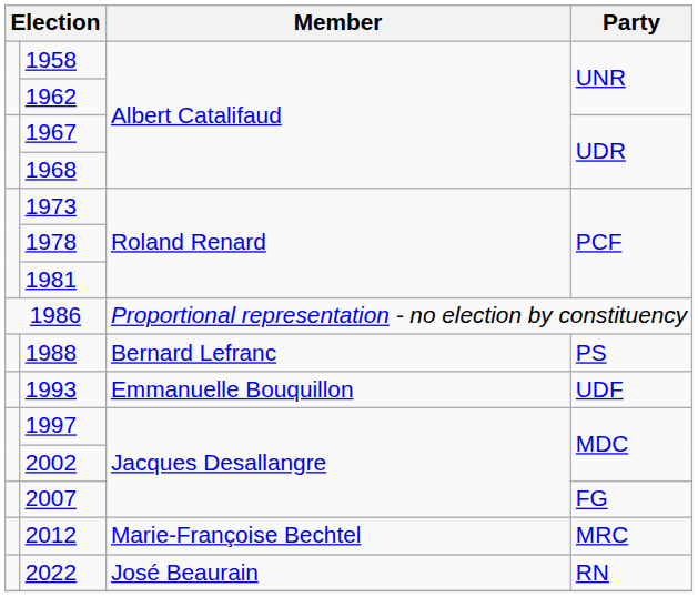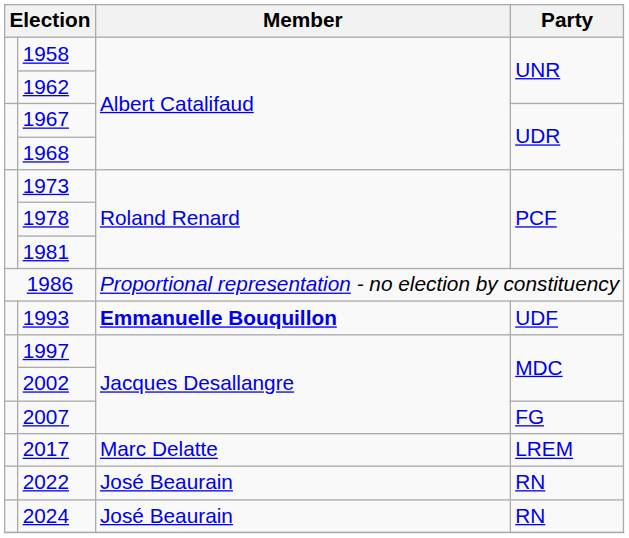 <table class="wikitable">
 <tr>
 <th colspan="2">Election</th>
 <th>Member</th>
 <th>Party</th>
 </tr>
 <tr>
 <td rowspan="2" style="background-color: "></td>
 <td><a href='#'>1958</a></td>
 <td rowspan="4"><a href='#'>Albert Catalifaud</a></td>
 <td rowspan="2"><a href='#'>UNR</a></td>
 </tr>
 <tr>
 <td><a href='#'>1962</a></td>
 </tr>
 <tr>
 <td rowspan="2" style="background-color: "></td>
 <td><a href='#'>1967</a></td>
 <td rowspan="2"><a href='#'>UDR</a></td>
 </tr>
 <tr>
 <td><a href='#'>1968</a></td>
 </tr>
 <tr>
 <td rowspan="3" style="background-color: "></td>
 <td><a href='#'>1973</a></td>
 <td rowspan="3"><a href='#'>Roland Renard</a></td>
 <td rowspan="3"><a href='#'>PCF</a></td>
 </tr>
 <tr>
 <td><a href='#'>1978</a></td>
 </tr>
 <tr>
 <td><a href='#'>1981</a></td>
 </tr>
 <tr>
 <td colspan="2" align="center"><a href='#'>1986</a></td>
 <td colspan="2"><em><a href='#'>Proportional representation</a> - no election by constituency</em></td>
 </tr>
 <tr>
 <td style="color:inherit;background-color: "></td>
-<td><a href='#'>1988</a></td>
-<td><a href='#'>Bernard Lefranc</a></td>
-<td><a href='#'>PS</a></td>
-</tr>
-<tr>
-<td style="color:inherit;background-color: "></td>
 <td><a href='#'>1993</a></td>
-<td><a href='#'>Emmanuelle Bouquillon</a></td>
+<td><strong><a href='#'>Emmanuelle Bouquillon</a></strong></td>
 <td><a href='#'>UDF</a></td>
 </tr>
 <tr>
 <td rowspan="2" style="background-color: "></td>
 <td><a href='#'>1997</a></td>
 <td rowspan="3"><a href='#'>Jacques Desallangre</a></td>
 <td rowspan="2"><a href='#'>MDC</a></td>
 </tr>
 <tr>
 <td><a href='#'>2002</a></td>
 </tr>
 <tr>
 <td style="color:inherit;background-color: "></td>
 <td><a href='#'>2007</a></td>
 <td><a href='#'>FG</a></td>
 </tr>
 <tr>
 <td style="color:inherit;background-color: "></td>
-<td><a href='#'>2012</a></td>
-<td><a href='#'>Marie-Françoise Bechtel</a></td>
-<td><a href='#'>MRC</a></td>
+<td><a href='#'>2017</a></td>
+<td><a href='#'>Marc Delatte</a></td>
+<td><a href='#'>LREM</a></td>
 </tr>
 <tr>
 <td rowspan=“2” style="color:inherit;background-color: "></td>
 <td><a href='#'>2022</a></td>
 <td><a href='#'>José Beaurain</a></td>
 <td><a href='#'>RN</a></td>
 </tr>
 <tr>
+<td rowspan=“2” style="color:inherit;background-color: "></td>
+<td><a href='#'>2024</a></td>
+<td><a href='#'>José Beaurain</a></td>
+<td><a href='#'>RN</a></td>
+</tr>
+<tr>
 </tr>
 </table>
